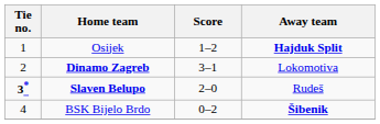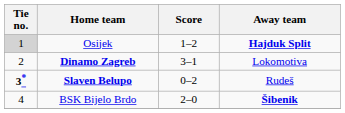 <table class="wikitable" style="text-align: center">
 <tr>
 <th width=40>Tie no.</th>
 <th width=165>Home team</th>
 <th width=80>Score</th>
 <th width=165>Away team</th>
 </tr>
 <tr>
-<td>1</td>
+<td style="background: lightgrey;">1</td>
 <td><a href='#'>Osijek</a></td>
 <td>1–2</td>
 <td><a href='#'><strong>Hajduk Split</strong></a></td>
 </tr>
 <tr>
 <td>2</td>
 <td><a href='#'><strong>Dinamo Zagreb</strong></a></td>
 <td>3–1 </td>
 <td><a href='#'>Lokomotiva</a></td>
 </tr>
 <tr>
 <td><strong>3<a href='#'><sup>*</sup></a></strong></td>
 <td><a href='#'><strong>Slaven Belupo</strong></a></td>
-<td>2–0</td>
+<td>0–2</td>
 <td><a href='#'>Rudeš</a></td>
 </tr>
 <tr>
 <td>4</td>
 <td><a href='#'>BSK Bijelo Brdo</a></td>
-<td>0–2</td>
+<td>2–0</td>
 <td><a href='#'><strong>Šibenik</strong></a></td>
 </tr>
 <tr>
 </tr>
 </table>
